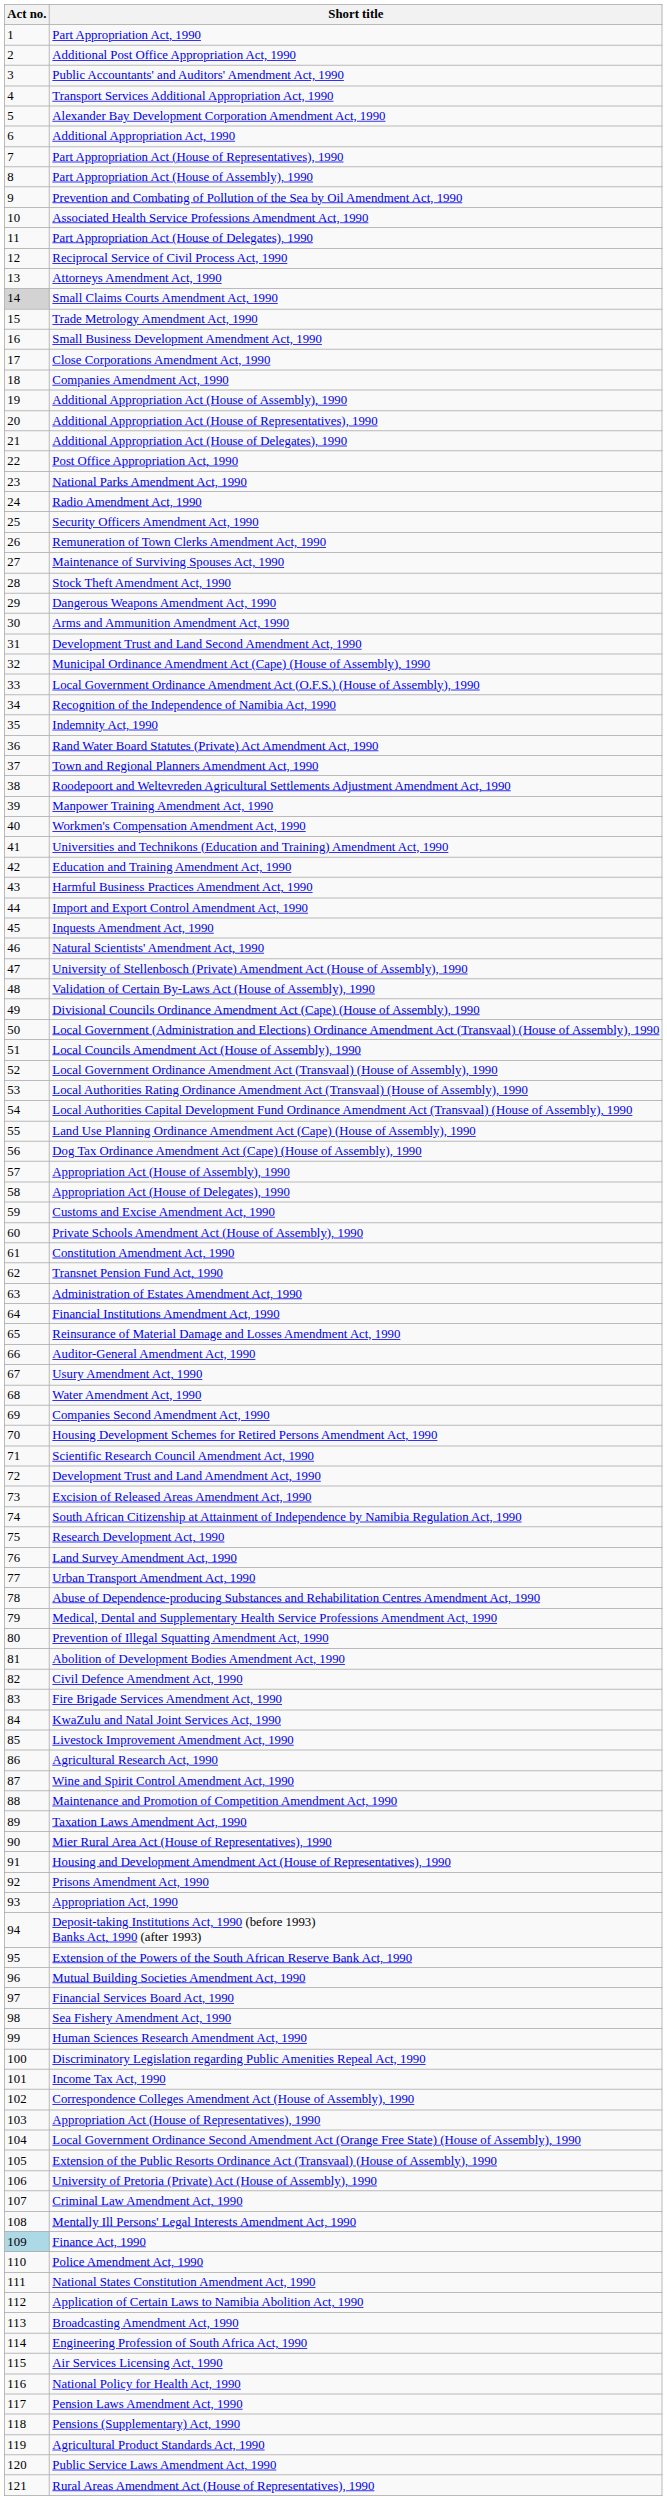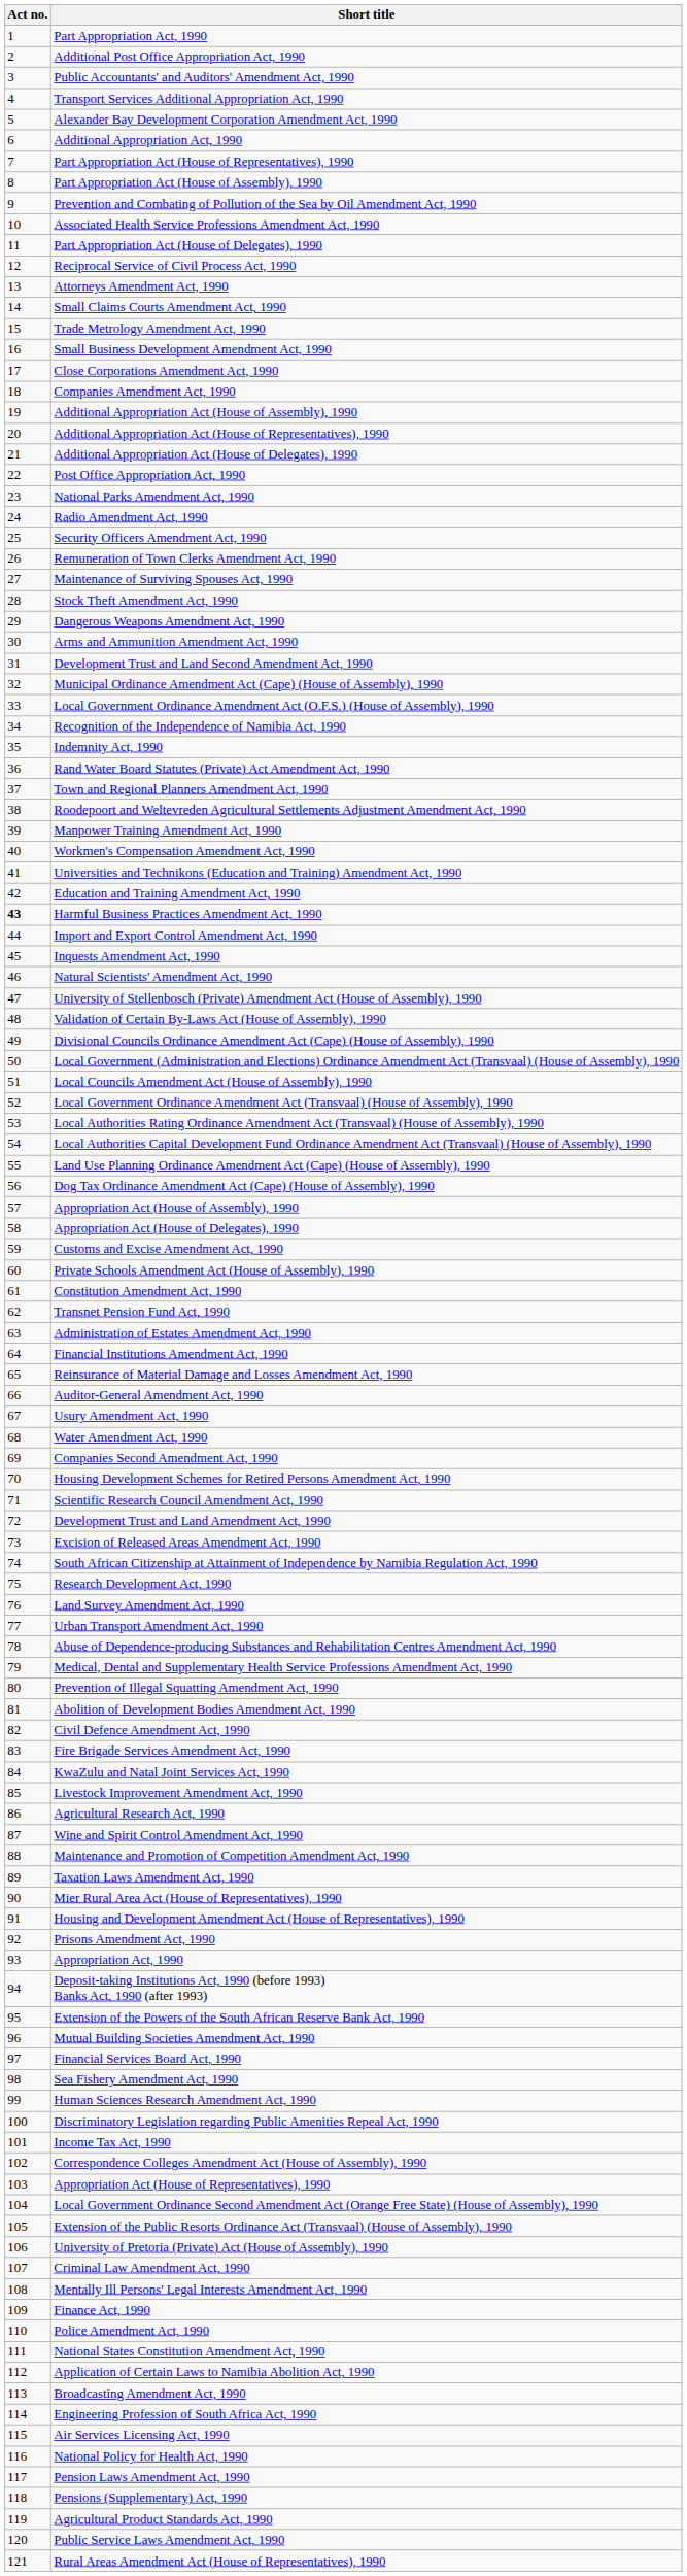 <table class="wikitable sortable">
 <tr>
 <th>Act no.</th>
 <th>Short title</th>
 </tr>
 <tr>
 <td>1</td>
 <td><a href='#'>Part Appropriation Act, 1990</a></td>
 </tr>
 <tr>
 <td>2</td>
 <td><a href='#'>Additional Post Office Appropriation Act, 1990</a></td>
 </tr>
 <tr>
 <td>3</td>
 <td><a href='#'>Public Accountants' and Auditors' Amendment Act, 1990</a></td>
 </tr>
 <tr>
 <td>4</td>
 <td><a href='#'>Transport Services Additional Appropriation Act, 1990</a></td>
 </tr>
 <tr>
 <td>5</td>
 <td><a href='#'>Alexander Bay Development Corporation Amendment Act, 1990</a></td>
 </tr>
 <tr>
 <td>6</td>
 <td><a href='#'>Additional Appropriation Act, 1990</a></td>
 </tr>
 <tr>
 <td>7</td>
 <td><a href='#'>Part Appropriation Act (House of Representatives), 1990</a></td>
 </tr>
 <tr>
 <td>8</td>
 <td><a href='#'>Part Appropriation Act (House of Assembly), 1990</a></td>
 </tr>
 <tr>
 <td>9</td>
 <td><a href='#'>Prevention and Combating of Pollution of the Sea by Oil Amendment Act, 1990</a></td>
 </tr>
 <tr>
 <td>10</td>
 <td><a href='#'>Associated Health Service Professions Amendment Act, 1990</a></td>
 </tr>
 <tr>
 <td>11</td>
 <td><a href='#'>Part Appropriation Act (House of Delegates), 1990</a></td>
 </tr>
 <tr>
 <td>12</td>
 <td><a href='#'>Reciprocal Service of Civil Process Act, 1990</a></td>
 </tr>
 <tr>
 <td>13</td>
 <td><a href='#'>Attorneys Amendment Act, 1990</a></td>
 </tr>
 <tr>
-<td style="background: lightgrey;">14</td>
+<td>14</td>
 <td><a href='#'>Small Claims Courts Amendment Act, 1990</a></td>
 </tr>
 <tr>
 <td>15</td>
 <td><a href='#'>Trade Metrology Amendment Act, 1990</a></td>
 </tr>
 <tr>
 <td>16</td>
 <td><a href='#'>Small Business Development Amendment Act, 1990</a></td>
 </tr>
 <tr>
 <td>17</td>
 <td><a href='#'>Close Corporations Amendment Act, 1990</a></td>
 </tr>
 <tr>
 <td>18</td>
 <td><a href='#'>Companies Amendment Act, 1990</a></td>
 </tr>
 <tr>
 <td>19</td>
 <td><a href='#'>Additional Appropriation Act (House of Assembly), 1990</a></td>
 </tr>
 <tr>
 <td>20</td>
 <td><a href='#'>Additional Appropriation Act (House of Representatives), 1990</a></td>
 </tr>
 <tr>
 <td>21</td>
 <td><a href='#'>Additional Appropriation Act (House of Delegates), 1990</a></td>
 </tr>
 <tr>
 <td>22</td>
 <td><a href='#'>Post Office Appropriation Act, 1990</a></td>
 </tr>
 <tr>
 <td>23</td>
 <td><a href='#'>National Parks Amendment Act, 1990</a></td>
 </tr>
 <tr>
 <td>24</td>
 <td><a href='#'>Radio Amendment Act, 1990</a></td>
 </tr>
 <tr>
 <td>25</td>
 <td><a href='#'>Security Officers Amendment Act, 1990</a></td>
 </tr>
 <tr>
 <td>26</td>
 <td><a href='#'>Remuneration of Town Clerks Amendment Act, 1990</a></td>
 </tr>
 <tr>
 <td>27</td>
 <td><a href='#'>Maintenance of Surviving Spouses Act, 1990</a></td>
 </tr>
 <tr>
 <td>28</td>
 <td><a href='#'>Stock Theft Amendment Act, 1990</a></td>
 </tr>
 <tr>
 <td>29</td>
 <td><a href='#'>Dangerous Weapons Amendment Act, 1990</a></td>
 </tr>
 <tr>
 <td>30</td>
 <td><a href='#'>Arms and Ammunition Amendment Act, 1990</a></td>
 </tr>
 <tr>
 <td>31</td>
 <td><a href='#'>Development Trust and Land Second Amendment Act, 1990</a></td>
 </tr>
 <tr>
 <td>32</td>
 <td><a href='#'>Municipal Ordinance Amendment Act (Cape) (House of Assembly), 1990</a></td>
 </tr>
 <tr>
 <td>33</td>
 <td><a href='#'>Local Government Ordinance Amendment Act (O.F.S.) (House of Assembly), 1990</a></td>
 </tr>
 <tr>
 <td>34</td>
 <td><a href='#'>Recognition of the Independence of Namibia Act, 1990</a></td>
 </tr>
 <tr>
 <td>35</td>
 <td><a href='#'>Indemnity Act, 1990</a></td>
 </tr>
 <tr>
 <td>36</td>
 <td><a href='#'>Rand Water Board Statutes (Private) Act Amendment Act, 1990</a></td>
 </tr>
 <tr>
 <td>37</td>
 <td><a href='#'>Town and Regional Planners Amendment Act, 1990</a></td>
 </tr>
 <tr>
 <td>38</td>
 <td><a href='#'>Roodepoort and Weltevreden Agricultural Settlements Adjustment Amendment Act, 1990</a></td>
 </tr>
 <tr>
 <td>39</td>
 <td><a href='#'>Manpower Training Amendment Act, 1990</a></td>
 </tr>
 <tr>
 <td>40</td>
 <td><a href='#'>Workmen's Compensation Amendment Act, 1990</a></td>
 </tr>
 <tr>
 <td>41</td>
 <td><a href='#'>Universities and Technikons (Education and Training) Amendment Act, 1990</a></td>
 </tr>
 <tr>
 <td>42</td>
 <td><a href='#'>Education and Training Amendment Act, 1990</a></td>
 </tr>
 <tr>
-<td>43</td>
+<td><strong>43</strong></td>
 <td><a href='#'>Harmful Business Practices Amendment Act, 1990</a></td>
 </tr>
 <tr>
 <td>44</td>
 <td><a href='#'>Import and Export Control Amendment Act, 1990</a></td>
 </tr>
 <tr>
 <td>45</td>
 <td><a href='#'>Inquests Amendment Act, 1990</a></td>
 </tr>
 <tr>
 <td>46</td>
 <td><a href='#'>Natural Scientists' Amendment Act, 1990</a></td>
 </tr>
 <tr>
 <td>47</td>
 <td><a href='#'>University of Stellenbosch (Private) Amendment Act (House of Assembly), 1990</a></td>
 </tr>
 <tr>
 <td>48</td>
 <td><a href='#'>Validation of Certain By-Laws Act (House of Assembly), 1990</a></td>
 </tr>
 <tr>
 <td>49</td>
 <td><a href='#'>Divisional Councils Ordinance Amendment Act (Cape) (House of Assembly), 1990</a></td>
 </tr>
 <tr>
 <td>50</td>
 <td><a href='#'>Local Government (Administration and Elections) Ordinance Amendment Act (Transvaal) (House of Assembly), 1990</a></td>
 </tr>
 <tr>
 <td>51</td>
 <td><a href='#'>Local Councils Amendment Act (House of Assembly), 1990</a></td>
 </tr>
 <tr>
 <td>52</td>
 <td><a href='#'>Local Government Ordinance Amendment Act (Transvaal) (House of Assembly), 1990</a></td>
 </tr>
 <tr>
 <td>53</td>
 <td><a href='#'>Local Authorities Rating Ordinance Amendment Act (Transvaal) (House of Assembly), 1990</a></td>
 </tr>
 <tr>
 <td>54</td>
 <td><a href='#'>Local Authorities Capital Development Fund Ordinance Amendment Act (Transvaal) (House of Assembly), 1990</a></td>
 </tr>
 <tr>
 <td>55</td>
 <td><a href='#'>Land Use Planning Ordinance Amendment Act (Cape) (House of Assembly), 1990</a></td>
 </tr>
 <tr>
 <td>56</td>
 <td><a href='#'>Dog Tax Ordinance Amendment Act (Cape) (House of Assembly), 1990</a></td>
 </tr>
 <tr>
 <td>57</td>
 <td><a href='#'>Appropriation Act (House of Assembly), 1990</a></td>
 </tr>
 <tr>
 <td>58</td>
 <td><a href='#'>Appropriation Act (House of Delegates), 1990</a></td>
 </tr>
 <tr>
 <td>59</td>
 <td><a href='#'>Customs and Excise Amendment Act, 1990</a></td>
 </tr>
 <tr>
 <td>60</td>
 <td><a href='#'>Private Schools Amendment Act (House of Assembly), 1990</a></td>
 </tr>
 <tr>
 <td>61</td>
 <td><a href='#'>Constitution Amendment Act, 1990</a></td>
 </tr>
 <tr>
 <td>62</td>
 <td><a href='#'>Transnet Pension Fund Act, 1990</a></td>
 </tr>
 <tr>
 <td>63</td>
 <td><a href='#'>Administration of Estates Amendment Act, 1990</a></td>
 </tr>
 <tr>
 <td>64</td>
 <td><a href='#'>Financial Institutions Amendment Act, 1990</a></td>
 </tr>
 <tr>
 <td>65</td>
 <td><a href='#'>Reinsurance of Material Damage and Losses Amendment Act, 1990</a></td>
 </tr>
 <tr>
 <td>66</td>
 <td><a href='#'>Auditor-General Amendment Act, 1990</a></td>
 </tr>
 <tr>
 <td>67</td>
 <td><a href='#'>Usury Amendment Act, 1990</a></td>
 </tr>
 <tr>
 <td>68</td>
 <td><a href='#'>Water Amendment Act, 1990</a></td>
 </tr>
 <tr>
 <td>69</td>
 <td><a href='#'>Companies Second Amendment Act, 1990</a></td>
 </tr>
 <tr>
 <td>70</td>
 <td><a href='#'>Housing Development Schemes for Retired Persons Amendment Act, 1990</a></td>
 </tr>
 <tr>
 <td>71</td>
 <td><a href='#'>Scientific Research Council Amendment Act, 1990</a></td>
 </tr>
 <tr>
 <td>72</td>
 <td><a href='#'>Development Trust and Land Amendment Act, 1990</a></td>
 </tr>
 <tr>
 <td>73</td>
 <td><a href='#'>Excision of Released Areas Amendment Act, 1990</a></td>
 </tr>
 <tr>
 <td>74</td>
 <td><a href='#'>South African Citizenship at Attainment of Independence by Namibia Regulation Act, 1990</a></td>
 </tr>
 <tr>
 <td>75</td>
 <td><a href='#'>Research Development Act, 1990</a></td>
 </tr>
 <tr>
 <td>76</td>
 <td><a href='#'>Land Survey Amendment Act, 1990</a></td>
 </tr>
 <tr>
 <td>77</td>
 <td><a href='#'>Urban Transport Amendment Act, 1990</a></td>
 </tr>
 <tr>
 <td>78</td>
 <td><a href='#'>Abuse of Dependence-producing Substances and Rehabilitation Centres Amendment Act, 1990</a></td>
 </tr>
 <tr>
 <td>79</td>
 <td><a href='#'>Medical, Dental and Supplementary Health Service Professions Amendment Act, 1990</a></td>
 </tr>
 <tr>
 <td>80</td>
 <td><a href='#'>Prevention of Illegal Squatting Amendment Act, 1990</a></td>
 </tr>
 <tr>
 <td>81</td>
 <td><a href='#'>Abolition of Development Bodies Amendment Act, 1990</a></td>
 </tr>
 <tr>
 <td>82</td>
 <td><a href='#'>Civil Defence Amendment Act, 1990</a></td>
 </tr>
 <tr>
 <td>83</td>
 <td><a href='#'>Fire Brigade Services Amendment Act, 1990</a></td>
 </tr>
 <tr>
 <td>84</td>
 <td><a href='#'>KwaZulu and Natal Joint Services Act, 1990</a></td>
 </tr>
 <tr>
 <td>85</td>
 <td><a href='#'>Livestock Improvement Amendment Act, 1990</a></td>
 </tr>
 <tr>
 <td>86</td>
 <td><a href='#'>Agricultural Research Act, 1990</a></td>
 </tr>
 <tr>
 <td>87</td>
 <td><a href='#'>Wine and Spirit Control Amendment Act, 1990</a></td>
 </tr>
 <tr>
 <td>88</td>
 <td><a href='#'>Maintenance and Promotion of Competition Amendment Act, 1990</a></td>
 </tr>
 <tr>
 <td>89</td>
 <td><a href='#'>Taxation Laws Amendment Act, 1990</a></td>
 </tr>
 <tr>
 <td>90</td>
 <td><a href='#'>Mier Rural Area Act (House of Representatives), 1990</a></td>
 </tr>
 <tr>
 <td>91</td>
 <td><a href='#'>Housing and Development Amendment Act (House of Representatives), 1990</a></td>
 </tr>
 <tr>
 <td>92</td>
 <td><a href='#'>Prisons Amendment Act, 1990</a></td>
 </tr>
 <tr>
 <td>93</td>
 <td><a href='#'>Appropriation Act, 1990</a></td>
 </tr>
 <tr>
 <td>94</td>
 <td><a href='#'>Deposit-taking Institutions Act, 1990</a> (before 1993) <br><a href='#'>Banks Act, 1990</a> (after 1993)</td>
 </tr>
 <tr>
 <td>95</td>
 <td><a href='#'>Extension of the Powers of the South African Reserve Bank Act, 1990</a></td>
 </tr>
 <tr>
 <td>96</td>
 <td><a href='#'>Mutual Building Societies Amendment Act, 1990</a></td>
 </tr>
 <tr>
 <td>97</td>
 <td><a href='#'>Financial Services Board Act, 1990</a></td>
 </tr>
 <tr>
 <td>98</td>
 <td><a href='#'>Sea Fishery Amendment Act, 1990</a></td>
 </tr>
 <tr>
 <td>99</td>
 <td><a href='#'>Human Sciences Research Amendment Act, 1990</a></td>
 </tr>
 <tr>
 <td>100</td>
 <td><a href='#'>Discriminatory Legislation regarding Public Amenities Repeal Act, 1990</a></td>
 </tr>
 <tr>
 <td>101</td>
 <td><a href='#'>Income Tax Act, 1990</a></td>
 </tr>
 <tr>
 <td>102</td>
 <td><a href='#'>Correspondence Colleges Amendment Act (House of Assembly), 1990</a></td>
 </tr>
 <tr>
 <td>103</td>
 <td><a href='#'>Appropriation Act (House of Representatives), 1990</a></td>
 </tr>
 <tr>
 <td>104</td>
 <td><a href='#'>Local Government Ordinance Second Amendment Act (Orange Free State) (House of Assembly), 1990</a></td>
 </tr>
 <tr>
 <td>105</td>
 <td><a href='#'>Extension of the Public Resorts Ordinance Act (Transvaal) (House of Assembly), 1990</a></td>
 </tr>
 <tr>
 <td>106</td>
 <td><a href='#'>University of Pretoria (Private) Act (House of Assembly), 1990</a></td>
 </tr>
 <tr>
 <td>107</td>
 <td><a href='#'>Criminal Law Amendment Act, 1990</a></td>
 </tr>
 <tr>
 <td>108</td>
 <td><a href='#'>Mentally Ill Persons' Legal Interests Amendment Act, 1990</a></td>
 </tr>
 <tr>
-<td style="background: lightblue;">109</td>
+<td>109</td>
 <td><a href='#'>Finance Act, 1990</a></td>
 </tr>
 <tr>
 <td>110</td>
 <td><a href='#'>Police Amendment Act, 1990</a></td>
 </tr>
 <tr>
 <td>111</td>
 <td><a href='#'>National States Constitution Amendment Act, 1990</a></td>
 </tr>
 <tr>
 <td>112</td>
 <td><a href='#'>Application of Certain Laws to Namibia Abolition Act, 1990</a></td>
 </tr>
 <tr>
 <td>113</td>
 <td><a href='#'>Broadcasting Amendment Act, 1990</a></td>
 </tr>
 <tr>
 <td>114</td>
 <td><a href='#'>Engineering Profession of South Africa Act, 1990</a></td>
 </tr>
 <tr>
 <td>115</td>
 <td><a href='#'>Air Services Licensing Act, 1990</a></td>
 </tr>
 <tr>
 <td>116</td>
 <td><a href='#'>National Policy for Health Act, 1990</a></td>
 </tr>
 <tr>
 <td>117</td>
 <td><a href='#'>Pension Laws Amendment Act, 1990</a></td>
 </tr>
 <tr>
 <td>118</td>
 <td><a href='#'>Pensions (Supplementary) Act, 1990</a></td>
 </tr>
 <tr>
 <td>119</td>
 <td><a href='#'>Agricultural Product Standards Act, 1990</a></td>
 </tr>
 <tr>
 <td>120</td>
 <td><a href='#'>Public Service Laws Amendment Act, 1990</a></td>
 </tr>
 <tr>
 <td>121</td>
 <td><a href='#'>Rural Areas Amendment Act (House of Representatives), 1990</a></td>
 </tr>
 </table>
